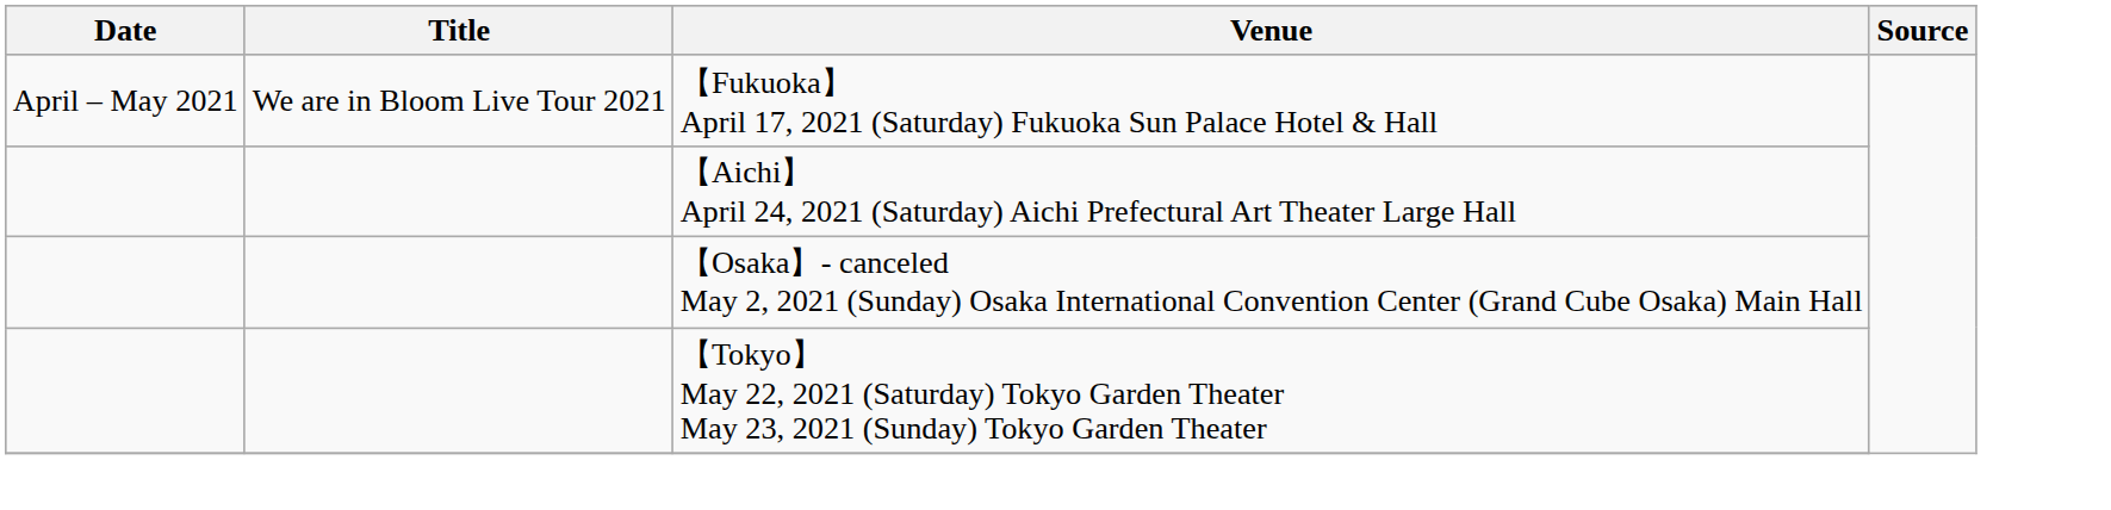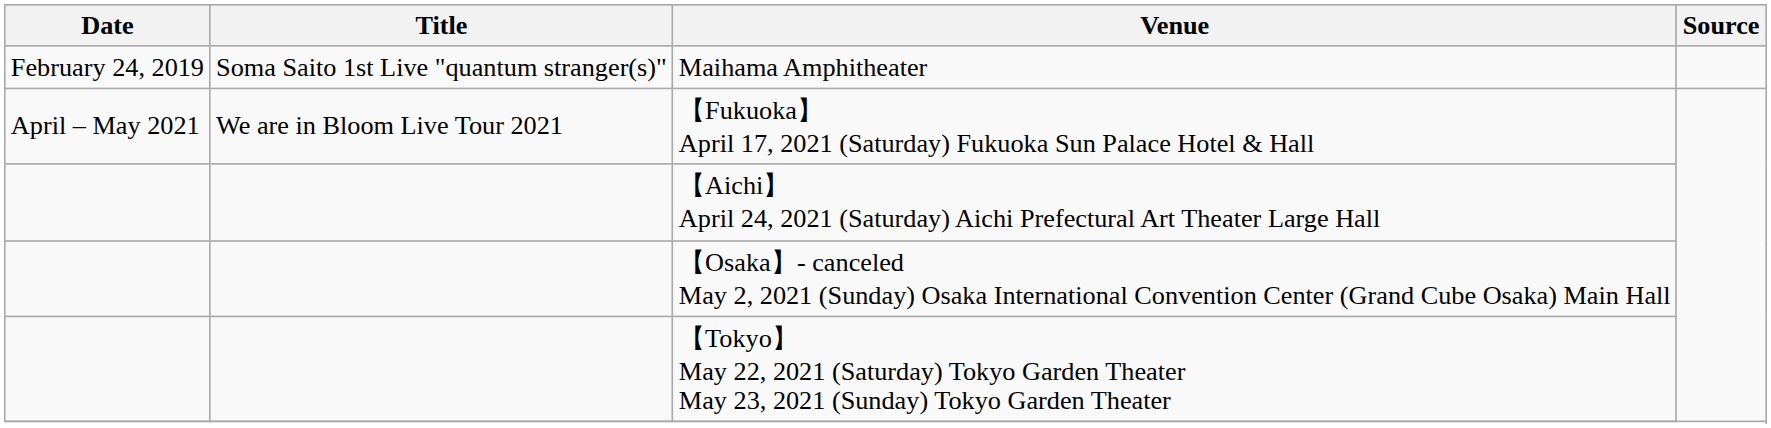 <table class="wikitable">
 <tr>
 <th>Date</th>
 <th>Title</th>
 <th>Venue</th>
 <th>Source</th>
+</tr>
+<tr>
+<td>February 24, 2019</td>
+<td>Soma Saito 1st Live "quantum stranger(s)"</td>
+<td>Maihama Amphitheater</td>
+<td></td>
 </tr>
 <tr>
 <td>April – May 2021</td>
 <td>We are in Bloom Live Tour 2021</td>
 <td>【Fukuoka】<br>April 17, 2021 (Saturday)  Fukuoka Sun Palace Hotel & Hall</td>
 </tr>
 <tr>
 <td></td>
 <td></td>
 <td>【Aichi】<br>April 24, 2021 (Saturday) Aichi Prefectural Art Theater Large Hall</td>
 </tr>
 <tr>
 <td></td>
 <td></td>
 <td>【Osaka】- canceled<br>May 2, 2021 (Sunday) Osaka International Convention Center (Grand Cube Osaka) Main Hall</td>
 </tr>
 <tr>
 <td></td>
 <td></td>
 <td>【Tokyo】<br>May 22, 2021 (Saturday) Tokyo Garden Theater<br>May 23, 2021 (Sunday) Tokyo Garden Theater</td>
 </tr>
 <tr>
 </tr>
 </table>
